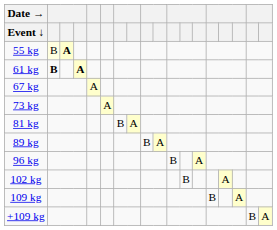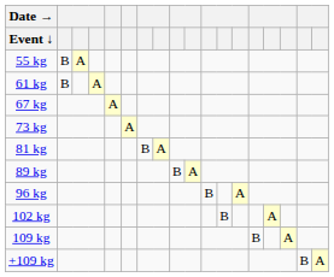 <table class="wikitable" style="text-align:center; font-size:92%">
 <tr>
 <th>Date →</th>
 <th colspan=3></th>
 <th></th>
 <th></th>
 <th colspan=2></th>
 <th colspan=2></th>
 <th colspan=3></th>
 <th colspan=3></th>
 <th colspan=2></th>
 </tr>
 <tr>
 <th>Event ↓</th>
 <th></th>
 <th></th>
 <th></th>
 <th></th>
 <th></th>
 <th></th>
 <th></th>
 <th></th>
 <th></th>
 <th></th>
 <th></th>
 <th></th>
 <th></th>
 <th></th>
 <th></th>
 <th></th>
 <th></th>
 </tr>
 <tr>
 <td><a href='#'>55 kg</a></td>
-<td style="background: lightyellow;">B</td>
-<td style="background-color:#ffffcc;"><strong>A</strong></td>
+<td>B</td>
+<td style="background-color:#ffffcc;">A</td>
 <td></td>
 <td></td>
 <td></td>
 <td colspan=2></td>
 <td colspan=2></td>
 <td colspan=3></td>
 <td colspan=3></td>
 <td colspan=2></td>
 </tr>
 <tr>
 <td><a href='#'>61 kg</a></td>
-<td><strong>B</strong></td>
+<td>B</td>
 <td></td>
-<td style="background-color:#ffffcc;"><strong>A</strong></td>
+<td style="background-color:#ffffcc;">A</td>
 <td></td>
 <td></td>
 <td colspan=2></td>
 <td colspan=2></td>
 <td colspan=3></td>
 <td colspan=3></td>
 <td colspan=2></td>
 </tr>
 <tr>
 <td><a href='#'>67 kg</a></td>
 <td colspan=3></td>
 <td style="background-color:#ffffcc;">A</td>
 <td></td>
 <td colspan=2></td>
 <td colspan=2></td>
 <td colspan=3></td>
 <td colspan=3></td>
 <td colspan=2></td>
 </tr>
 <tr>
 <td><a href='#'>73 kg</a></td>
 <td colspan=3></td>
 <td></td>
 <td style="background-color:#ffffcc;">A</td>
 <td colspan=2></td>
 <td colspan=2></td>
 <td colspan=3></td>
 <td colspan=3></td>
 <td colspan=2></td>
 </tr>
 <tr>
 <td><a href='#'>81 kg</a></td>
 <td colspan=3></td>
 <td></td>
 <td></td>
 <td>B</td>
 <td style="background-color:#ffffcc;">A</td>
 <td colspan=2></td>
 <td colspan=3></td>
 <td colspan=3></td>
 <td colspan=2></td>
 </tr>
 <tr>
 <td><a href='#'>89 kg</a></td>
 <td colspan=3></td>
 <td></td>
 <td></td>
 <td colspan=2></td>
 <td>B</td>
 <td style="background-color:#ffffcc;">A</td>
 <td colspan=3></td>
 <td colspan=3></td>
 <td colspan=2></td>
 </tr>
 <tr>
 <td><a href='#'>96 kg</a></td>
 <td colspan=3></td>
 <td></td>
 <td></td>
 <td colspan=2></td>
 <td colspan=2></td>
 <td>B</td>
 <td></td>
 <td style="background-color:#ffffcc;">A</td>
 <td colspan=3></td>
 <td colspan=2></td>
 </tr>
 <tr>
 <td><a href='#'>102 kg</a></td>
 <td colspan=3></td>
 <td></td>
 <td></td>
 <td colspan=2></td>
 <td colspan=2></td>
 <td></td>
 <td>B</td>
 <td></td>
 <td></td>
 <td style="background-color:#ffffcc;">A</td>
 <td></td>
 <td colspan=2></td>
 </tr>
 <tr>
 <td><a href='#'>109 kg</a></td>
 <td colspan=3></td>
 <td></td>
 <td></td>
 <td colspan=2></td>
 <td colspan=2></td>
 <td colspan=3></td>
 <td>B</td>
 <td></td>
 <td style="background-color:#ffffcc;">A</td>
 <td colspan=2></td>
 </tr>
 <tr>
 <td><a href='#'>+109 kg</a></td>
 <td colspan=3></td>
 <td></td>
 <td></td>
 <td colspan=2></td>
 <td colspan=2></td>
 <td colspan=3></td>
 <td colspan=3></td>
 <td>B</td>
 <td style="background-color:#ffffcc;">A</td>
 </tr>
 </table>
